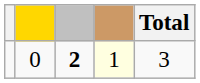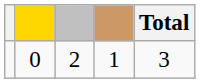 <table class="wikitable">
 <tr>
 <th></th>
 <th style="background-color:gold">        </th>
 <th style="background-color:silver">      </th>
 <th style="background-color:#CC9966">      </th>
 <th>Total</th>
 </tr>
 <tr align="center">
 <td></td>
 <td>0</td>
-<td><strong>2</strong></td>
-<td style="background: lightyellow;">1</td>
+<td>2</td>
+<td>1</td>
 <td>3</td>
 </tr>
 </table>
